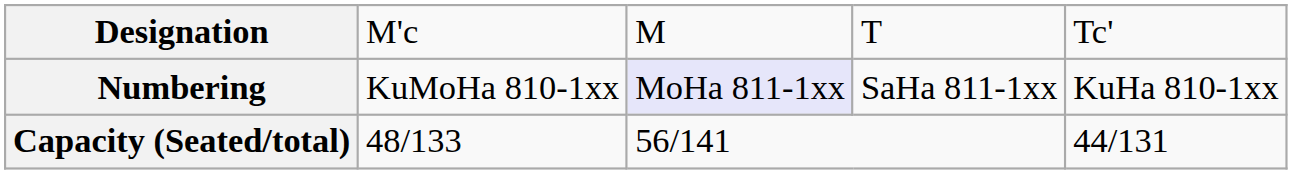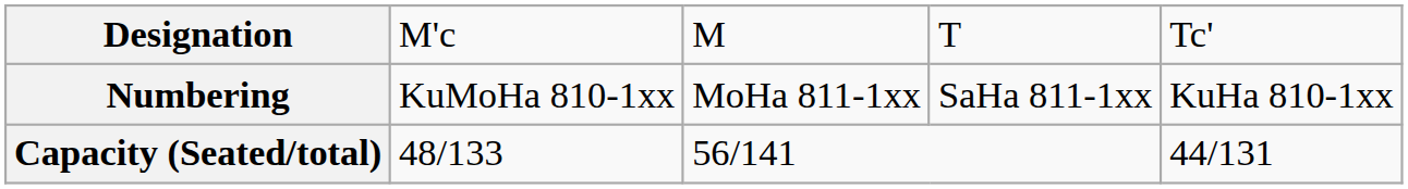 <table class="wikitable">
 <tr>
 <th>Designation</th>
 <td>M'c</td>
 <td>M</td>
 <td>T</td>
 <td>Tc'</td>
 </tr>
 <tr>
 <th>Numbering</th>
 <td>KuMoHa 810-1xx</td>
-<td style="background: lavender;">MoHa 811-1xx</td>
+<td>MoHa 811-1xx</td>
 <td>SaHa 811-1xx</td>
 <td>KuHa 810-1xx</td>
 </tr>
 <tr>
 <th>Capacity (Seated/total)</th>
 <td>48/133</td>
 <td colspan="2">56/141</td>
 <td>44/131</td>
 </tr>
 </table>
